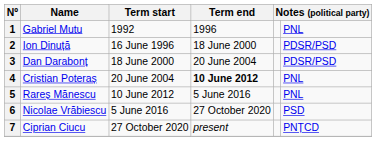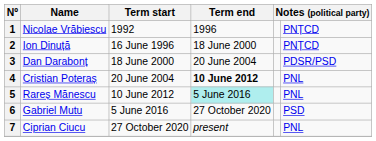 <table class="wikitable">
 <tr>
 <th>Nº</th>
 <th>Name</th>
 <th>Term start</th>
 <th>Term end</th>
 <th colspan=2>Notes <small>(political party)</small></th>
 </tr>
 <tr>
 <th>1</th>
-<td><a href='#'>Gabriel Mutu</a></td>
+<td><a href='#'>Nicolae Vrăbiescu</a></td>
 <td>1992</td>
 <td>1996</td>
 <td style="background:"></td>
-<td><a href='#'>PNL</a></td>
+<td><a href='#'>PNȚCD</a></td>
 </tr>
 <tr>
 <th>2</th>
 <td><a href='#'>Ion Dinuță</a></td>
 <td>16 June 1996</td>
 <td>18 June 2000</td>
 <td style="background:"></td>
-<td><a href='#'>PDSR/PSD</a></td>
+<td><a href='#'>PNȚCD</a></td>
 </tr>
 <tr>
 <th>3</th>
 <td><a href='#'>Dan Darabonț</a></td>
 <td>18 June 2000</td>
 <td>20 June 2004</td>
 <td style="background:"></td>
 <td><a href='#'>PDSR/PSD</a></td>
 </tr>
 <tr>
 <th>4</th>
 <td><a href='#'>Cristian Poteraș</a></td>
 <td>20 June 2004</td>
 <td><strong>10 June 2012</strong></td>
 <td style="background:"></td>
 <td><a href='#'>PNL</a></td>
 </tr>
 <tr>
 <th>5</th>
 <td><a href='#'>Rareș Mănescu</a></td>
 <td>10 June 2012</td>
-<td>5 June 2016</td>
+<td style="background: paleturquoise;">5 June 2016</td>
 <td style="background:"></td>
 <td><a href='#'>PNL</a></td>
 </tr>
 <tr>
 <th>6</th>
-<td><a href='#'>Nicolae Vrăbiescu</a></td>
+<td><a href='#'>Gabriel Mutu</a></td>
 <td>5 June 2016</td>
 <td>27 October 2020</td>
 <td style="background:"></td>
 <td><a href='#'>PSD</a></td>
 </tr>
 <tr>
 <th>7</th>
 <td><a href='#'>Ciprian Ciucu</a></td>
 <td>27 October 2020</td>
 <td><em>present</em></td>
 <td style="background:"></td>
-<td><a href='#'>PNȚCD</a></td>
+<td><a href='#'>PNL</a></td>
 </tr>
 <tr>
 </tr>
 </table>
